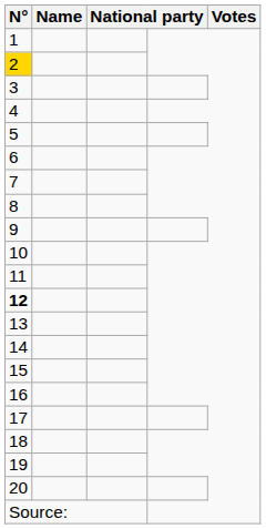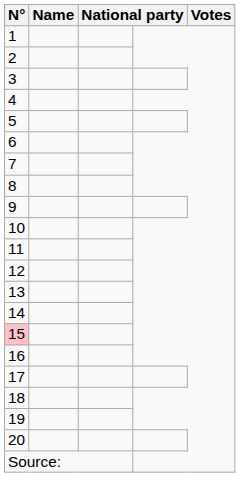 <table class="wikitable sortable" style="font-size:95%;line-height:14px;">
 <tr>
 <th>N°</th>
 <th>Name</th>
 <th colspan="2">National party</th>
 <th>Votes</th>
 </tr>
 <tr>
 <td>1</td>
 <td></td>
 <td></td>
 </tr>
 <tr>
-<td style="background: gold;">2</td>
+<td>2</td>
 <td></td>
 <td></td>
 </tr>
 <tr>
 <td>3</td>
 <td><em></em></td>
 <td></td>
 <td></td>
 </tr>
 <tr>
 <td>4</td>
 <td></td>
 <td></td>
 </tr>
 <tr>
 <td>5</td>
 <td></td>
 <td></td>
 <td></td>
 </tr>
 <tr>
 <td>6</td>
 <td></td>
 <td></td>
 </tr>
 <tr>
 <td>7</td>
 <td></td>
 <td></td>
 </tr>
 <tr>
 <td>8</td>
 <td></td>
 <td></td>
 </tr>
 <tr>
 <td>9</td>
 <td></td>
 <td></td>
 <td></td>
 </tr>
 <tr>
 <td>10</td>
 <td></td>
 <td></td>
 </tr>
 <tr>
 <td>11</td>
 <td></td>
 <td></td>
 </tr>
 <tr>
-<td><strong>12</strong></td>
+<td>12</td>
 <td></td>
 <td></td>
 </tr>
 <tr>
 <td>13</td>
 <td></td>
 <td></td>
 </tr>
 <tr>
 <td>14</td>
 <td></td>
 <td></td>
 </tr>
 <tr>
-<td>15</td>
+<td style="background: pink;">15</td>
 <td></td>
 <td></td>
 </tr>
 <tr>
 <td>16</td>
 <td></td>
 <td></td>
 </tr>
 <tr>
 <td>17</td>
 <td></td>
 <td></td>
 <td></td>
 </tr>
 <tr>
 <td>18</td>
 <td></td>
 <td></td>
 </tr>
 <tr>
 <td>19</td>
 <td></td>
 <td></td>
 </tr>
 <tr>
 <td>20</td>
 <td></td>
 <td></td>
 <td></td>
 </tr>
 <tr>
 <td colspan="3">Source: </td>
 </tr>
 </table>
